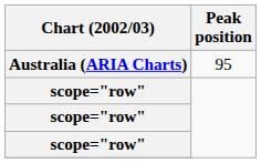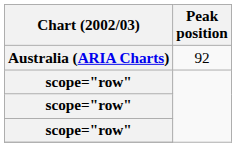 <table class="wikitable sortable plainrowheaders" style="text-align:center;">
 <tr>
 <th scope="col">Chart (2002/03)</th>
 <th scope="col">Peak<br>position</th>
 </tr>
 <tr>
 <th scope="row">Australia (<a href='#'>ARIA Charts</a>)</th>
-<td>95</td>
+<td>92</td>
 </tr>
 <tr>
 <th>scope="row" </th>
 </tr>
 <tr>
 <th>scope="row" </th>
 </tr>
 <tr>
 <th>scope="row" </th>
 </tr>
 <tr>
 </tr>
 </table>
